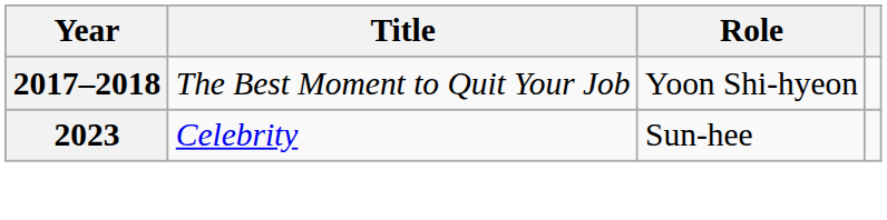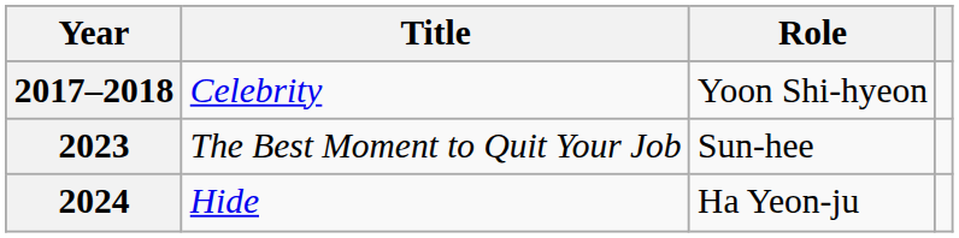 <table class="wikitable plainrowheaders sortable">
 <tr>
 <th scope="col">Year</th>
 <th scope="col">Title</th>
 <th scope="col">Role</th>
 <th scope="col" class="unsortable"></th>
 </tr>
 <tr>
 <th scope="row">2017–2018</th>
-<td><em>The Best Moment to Quit Your Job</em></td>
+<td><em><a href='#'>Celebrity</a></em></td>
 <td>Yoon Shi-hyeon</td>
 <td style="text-align:center"></td>
 </tr>
 <tr>
 <th scope="row">2023</th>
-<td><em><a href='#'>Celebrity</a></em></td>
+<td><em>The Best Moment to Quit Your Job</em></td>
 <td>Sun-hee</td>
 <td style="text-align:center"></td>
 </tr>
+<tr>
+<th scope="row">2024</th>
+<td><em><a href='#'>Hide</a></em></td>
+<td>Ha Yeon-ju</td>
+<td style="text-align:center"></td>
+</tr>
 </table>
